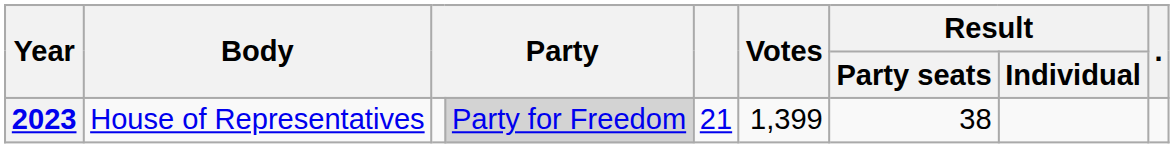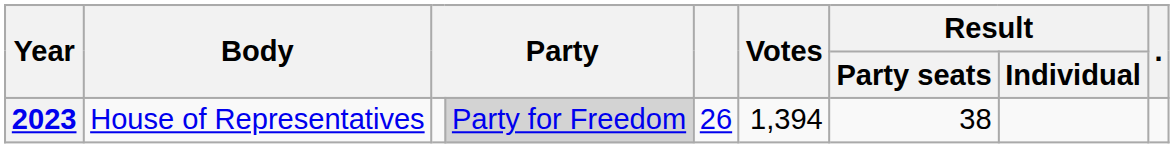 <table class="wikitable plainrowheaders sortable" border=2 cellpadding=4 cellspacing=0 style="border: 1px #aaa solid; font-size: 90%; text-align:center;">
 <tr>
 <th scope="col" rowspan=2>Year</th>
 <th scope="col" rowspan=2>Body</th>
 <th scope="col" colspan=2 rowspan=2>Party</th>
 <th scope="col" rowspan=2></th>
 <th scope="col" rowspan=2>Votes</th>
 <th scope="colgroup" colspan=2>Result</th>
 <th scope="col" rowspan=2 class="unsortable">.</th>
 </tr>
 <tr>
 <th scope="col">Party seats</th>
 <th scope="col">Individual</th>
 </tr>
 <tr>
 <th scope="row"><a href='#'>2023</a></th>
 <td><a href='#'>House of Representatives</a></td>
 <td style="background-color:"></td>
 <td style="background: lightgrey;"><a href='#'>Party for Freedom</a></td>
-<td style=text-align:right><a href='#'>21</a></td>
-<td style=text-align:right>1,399</td>
+<td style=text-align:right><a href='#'>26</a></td>
+<td style=text-align:right>1,394</td>
 <td style=text-align:right>38</td>
 <td></td>
 <td></td>
 </tr>
 </table>
